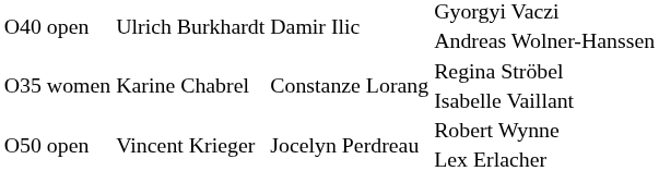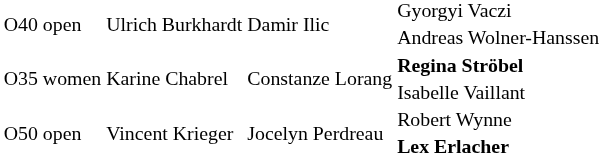 <table>
 <tr>
 <td rowspan="2">O40 open<br></td>
 <td rowspan="2"> Ulrich Burkhardt</td>
 <td rowspan="2"> Damir Ilic</td>
 <td> Gyorgyi Vaczi</td>
 </tr>
 <tr>
 <td> Andreas Wolner-Hanssen</td>
 </tr>
 <tr>
 <td rowspan="2">O35 women<br></td>
 <td rowspan="2"> Karine Chabrel</td>
 <td rowspan="2"> Constanze Lorang</td>
-<td> Regina Ströbel</td>
+<td><strong> Regina Ströbel</strong></td>
 </tr>
 <tr>
 <td> Isabelle Vaillant</td>
 </tr>
 <tr>
 <td rowspan="2">O50 open<br></td>
 <td rowspan="2"> Vincent Krieger</td>
 <td rowspan="2"> Jocelyn Perdreau</td>
 <td> Robert Wynne</td>
 </tr>
 <tr>
-<td> Lex Erlacher</td>
+<td><strong> Lex Erlacher</strong></td>
 </tr>
 </table>
